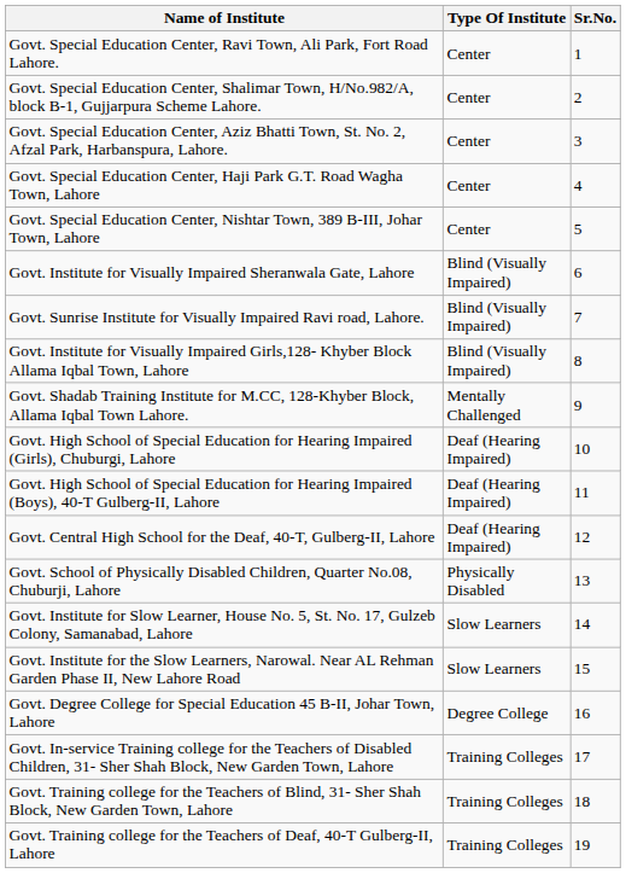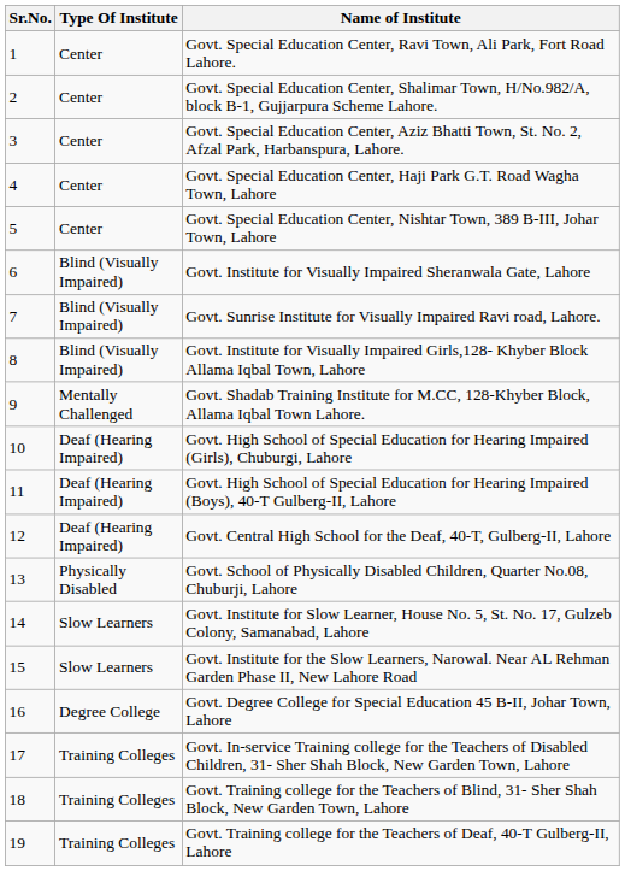 <table class="wikitable">
 <tr>
+<th>Sr.No.</th>
+<th>Type Of Institute</th>
 <th>Name of Institute</th>
-<th>Type Of Institute</th>
-<th>Sr.No.</th>
 </tr>
 <tr>
+<td>1</td>
+<td>Center</td>
 <td>Govt. Special Education Center, Ravi Town, Ali Park, Fort Road Lahore.</td>
-<td>Center</td>
-<td>1</td>
 </tr>
 <tr>
+<td>2</td>
+<td>Center</td>
 <td>Govt. Special Education Center, Shalimar Town, H/No.982/A, block B-1, Gujjarpura Scheme Lahore.</td>
-<td>Center</td>
-<td>2</td>
 </tr>
 <tr>
+<td>3</td>
+<td>Center</td>
 <td>Govt. Special Education Center, Aziz Bhatti Town, St. No. 2, Afzal  Park, Harbanspura,  Lahore.</td>
-<td>Center</td>
-<td>3</td>
 </tr>
 <tr>
+<td>4</td>
+<td>Center</td>
 <td>Govt. Special Education Center, Haji Park G.T. Road  Wagha Town, Lahore</td>
-<td>Center</td>
-<td>4</td>
 </tr>
 <tr>
+<td>5</td>
+<td>Center</td>
 <td>Govt. Special Education Center, Nishtar Town, 389 B-III, Johar Town, Lahore</td>
-<td>Center</td>
-<td>5</td>
 </tr>
 <tr>
+<td>6</td>
+<td>Blind (Visually Impaired)</td>
 <td>Govt. Institute for Visually Impaired Sheranwala Gate, Lahore</td>
-<td>Blind (Visually Impaired)</td>
-<td>6</td>
 </tr>
 <tr>
+<td>7</td>
+<td>Blind (Visually Impaired)</td>
 <td>Govt. Sunrise Institute for Visually Impaired Ravi road, Lahore.</td>
-<td>Blind (Visually Impaired)</td>
-<td>7</td>
 </tr>
 <tr>
+<td>8</td>
+<td>Blind (Visually Impaired)</td>
 <td>Govt. Institute for Visually Impaired Girls,128- Khyber Block Allama Iqbal Town, Lahore</td>
-<td>Blind (Visually Impaired)</td>
-<td>8</td>
 </tr>
 <tr>
+<td>9</td>
+<td>Mentally Challenged</td>
 <td>Govt. Shadab Training Institute for M.CC, 128-Khyber Block,  Allama Iqbal Town Lahore.</td>
-<td>Mentally Challenged</td>
-<td>9</td>
 </tr>
 <tr>
+<td>10</td>
+<td>Deaf (Hearing Impaired)</td>
 <td>Govt. High School  of Special Education for Hearing Impaired (Girls), Chuburgi, Lahore</td>
-<td>Deaf (Hearing Impaired)</td>
-<td>10</td>
 </tr>
 <tr>
+<td>11</td>
+<td>Deaf (Hearing Impaired)</td>
 <td>Govt. High School  of Special Education for Hearing Impaired (Boys), 40-T Gulberg-II, Lahore</td>
-<td>Deaf (Hearing Impaired)</td>
-<td>11</td>
 </tr>
 <tr>
+<td>12</td>
+<td>Deaf (Hearing Impaired)</td>
 <td>Govt. Central  High School  for the Deaf,  40-T, Gulberg-II, Lahore</td>
-<td>Deaf (Hearing Impaired)</td>
-<td>12</td>
 </tr>
 <tr>
+<td>13</td>
+<td>Physically Disabled</td>
 <td>Govt. School  of Physically Disabled Children, Quarter No.08, Chuburji, Lahore</td>
-<td>Physically Disabled</td>
-<td>13</td>
 </tr>
 <tr>
+<td>14</td>
+<td>Slow Learners</td>
 <td>Govt. Institute for Slow Learner, House No. 5, St. No. 17, Gulzeb Colony, Samanabad, Lahore</td>
-<td>Slow Learners</td>
-<td>14</td>
 </tr>
 <tr>
+<td>15</td>
+<td>Slow Learners</td>
 <td>Govt. Institute for the Slow Learners, Narowal. Near AL Rehman Garden Phase II, New Lahore Road</td>
-<td>Slow Learners</td>
-<td>15</td>
 </tr>
 <tr>
+<td>16</td>
+<td>Degree College</td>
 <td>Govt. Degree College for Special Education 45 B-II, Johar Town, Lahore</td>
-<td>Degree College</td>
-<td>16</td>
 </tr>
 <tr>
+<td>17</td>
+<td>Training Colleges</td>
 <td>Govt. In-service Training college for the Teachers of Disabled Children, 31- Sher Shah Block, New Garden Town, Lahore</td>
-<td>Training Colleges</td>
-<td>17</td>
 </tr>
 <tr>
+<td>18</td>
+<td>Training Colleges</td>
 <td>Govt. Training college for the Teachers of Blind, 31- Sher  Shah Block, New  Garden Town, Lahore</td>
-<td>Training Colleges</td>
-<td>18</td>
 </tr>
 <tr>
+<td>19</td>
+<td>Training Colleges</td>
 <td>Govt. Training college for the Teachers of Deaf, 40-T Gulberg-II, Lahore</td>
-<td>Training Colleges</td>
-<td>19</td>
 </tr>
 </table>
